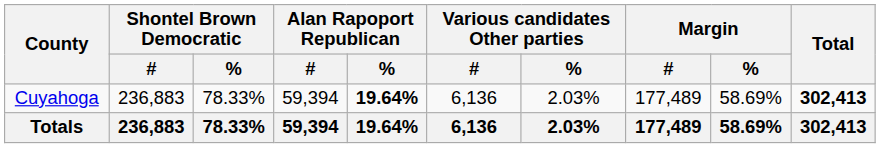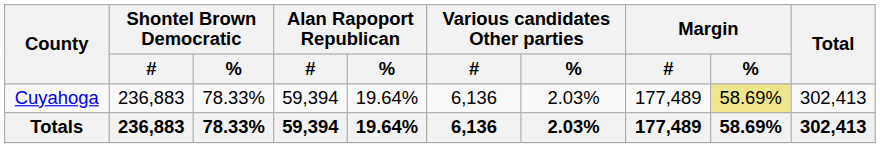 <table width="60%" class="wikitable sortable">
 <tr>
 <th rowspan="2">County</th>
 <th colspan="2">Shontel Brown<br>Democratic</th>
 <th colspan="2">Alan Rapoport<br>Republican</th>
 <th colspan="2">Various candidates<br>Other parties</th>
 <th colspan="2">Margin</th>
 <th rowspan="2">Total</th>
 </tr>
 <tr>
 <th style="text-align:center;" data-sort-type="number">#</th>
 <th style="text-align:center;" data-sort-type="number">%</th>
 <th style="text-align:center;" data-sort-type="number">#</th>
 <th style="text-align:center;" data-sort-type="number">%</th>
 <th style="text-align:center;" data-sort-type="number">#</th>
 <th style="text-align:center;" data-sort-type="number">%</th>
 <th style="text-align:center;" data-sort-type="number">#</th>
 <th style="text-align:center;" data-sort-type="number">%</th>
 </tr>
 <tr style="text-align:center;">
 <td><a href='#'>Cuyahoga</a></td>
 <td>236,883</td>
 <td>78.33%</td>
 <td>59,394</td>
-<td><strong>19.64%</strong></td>
+<td>19.64%</td>
 <td>6,136</td>
 <td>2.03%</td>
 <td>177,489</td>
-<td>58.69%</td>
-<td><strong>302,413</strong></td>
+<td style="background: khaki;">58.69%</td>
+<td>302,413</td>
 </tr>
 <tr style="text-align:center;">
 <th>Totals</th>
 <th>236,883</th>
 <th>78.33%</th>
 <th>59,394</th>
 <th>19.64%</th>
 <th>6,136</th>
 <th>2.03%</th>
 <th>177,489</th>
 <th>58.69%</th>
 <th>302,413</th>
 </tr>
 </table>
